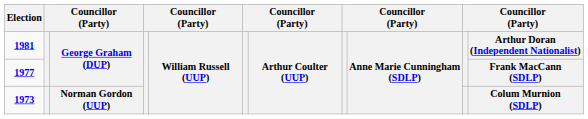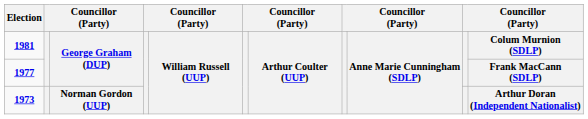 <table class="wikitable" style="text-align:center">
 <tr>
 <th scope="col" width="50">Election</th>
 <th scope="col" width="150" colspan = "2">Councillor<br> (Party)</th>
 <th scope="col" width="150" colspan = "2">Councillor<br> (Party)</th>
 <th scope="col" width="150" colspan = "2">Councillor<br> (Party)</th>
 <th scope="col" width="150" colspan = "2">Councillor<br> (Party)</th>
 <th scope="col" width="150" colspan = "2">Councillor<br> (Party)</th>
 </tr>
 <tr>
 <td><strong><a href='#'>1981</a></strong></td>
 <th rowspan="2" width="1" style="background-color: "></th>
 <th rowspan = "2"><a href='#'>George Graham</a> <br> (<a href='#'>DUP</a>)</th>
 <th rowspan="3" width="1" style="background-color: "></th>
 <th rowspan = "3">William Russell <br> (<a href='#'>UUP</a>)</th>
 <th rowspan="3" width="1" style="background-color: "></th>
 <th rowspan = "3">Arthur Coulter <br> (<a href='#'>UUP</a>)</th>
 <th rowspan="3" width="1" style="background-color: "></th>
 <th rowspan = "3">Anne Marie Cunningham <br> (<a href='#'>SDLP</a>)</th>
 <th rowspan="2" width="1" style="background-color: "></th>
-<th rowspan = "1">Arthur Doran <br> (<a href='#'>Independent Nationalist</a>)</th>
+<th rowspan = "1">Colum Murnion <br> (<a href='#'>SDLP</a>)</th>
 </tr>
 <tr>
 <td><strong><a href='#'>1977</a></strong></td>
 <th rowspan = "1">Frank MacCann <br> (<a href='#'>SDLP</a>)</th>
 </tr>
 <tr>
 <td><strong><a href='#'>1973</a></strong></td>
 <th rowspan="1" width="1" style="background-color: "></th>
 <th rowspan = "1">Norman Gordon <br> (<a href='#'>UUP</a>)</th>
 <th rowspan="1" width="1" style="background-color: "></th>
-<th rowspan = "1">Colum Murnion <br> (<a href='#'>SDLP</a>)</th>
+<th rowspan = "1">Arthur Doran <br> (<a href='#'>Independent Nationalist</a>)</th>
 </tr>
 </table>
